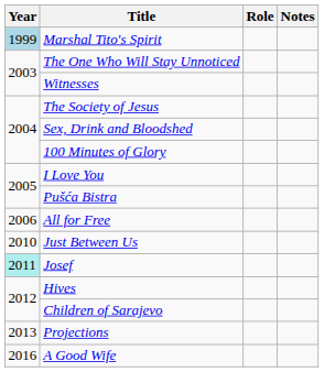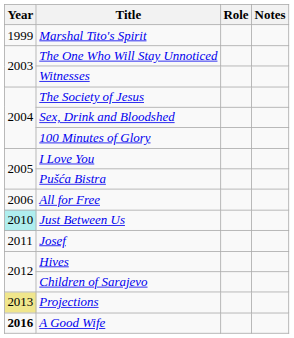 <table class="wikitable sortable">
 <tr>
 <th>Year</th>
 <th>Title</th>
 <th>Role</th>
 <th class="unsortable">Notes</th>
 </tr>
 <tr>
-<td style="background: lightblue;">1999</td>
+<td>1999</td>
 <td><em><a href='#'>Marshal Tito's Spirit</a></em></td>
 <td></td>
 <td></td>
 </tr>
 <tr>
 <td rowspan="2">2003</td>
 <td><em><a href='#'>The One Who Will Stay Unnoticed</a></em></td>
 <td></td>
 <td></td>
 </tr>
 <tr>
 <td><em><a href='#'>Witnesses</a></em></td>
 <td></td>
 <td></td>
 </tr>
 <tr>
 <td rowspan="3">2004</td>
 <td><em><a href='#'>The Society of Jesus</a></em></td>
 <td></td>
 <td></td>
 </tr>
 <tr>
 <td><em><a href='#'>Sex, Drink and Bloodshed</a></em></td>
 <td></td>
 <td></td>
 </tr>
 <tr>
 <td><em><a href='#'>100 Minutes of Glory</a></em></td>
 <td></td>
 <td></td>
 </tr>
 <tr>
 <td rowspan="2">2005</td>
 <td><em><a href='#'>I Love You</a></em></td>
 <td></td>
 <td></td>
 </tr>
 <tr>
 <td><em><a href='#'>Pušća Bistra</a></em></td>
 <td></td>
 <td></td>
 </tr>
 <tr>
 <td>2006</td>
 <td><em><a href='#'>All for Free</a></em></td>
 <td></td>
 <td></td>
 </tr>
 <tr>
-<td>2010</td>
+<td style="background: paleturquoise;">2010</td>
 <td><em><a href='#'>Just Between Us</a></em></td>
 <td></td>
 <td></td>
 </tr>
 <tr>
-<td style="background: paleturquoise;">2011</td>
+<td>2011</td>
 <td><em><a href='#'>Josef</a></em></td>
 <td></td>
 <td></td>
 </tr>
 <tr>
 <td rowspan="2">2012</td>
 <td><em><a href='#'>Hives</a></em></td>
 <td></td>
 <td></td>
 </tr>
 <tr>
 <td><em><a href='#'>Children of Sarajevo</a></em></td>
 <td></td>
 <td></td>
 </tr>
 <tr>
-<td>2013</td>
+<td style="background: khaki;">2013</td>
 <td><em><a href='#'>Projections</a></em></td>
 <td></td>
 <td></td>
 </tr>
 <tr>
-<td>2016</td>
+<td><strong>2016</strong></td>
 <td><em><a href='#'>A Good Wife</a></em></td>
 <td></td>
 <td></td>
 </tr>
 </table>
